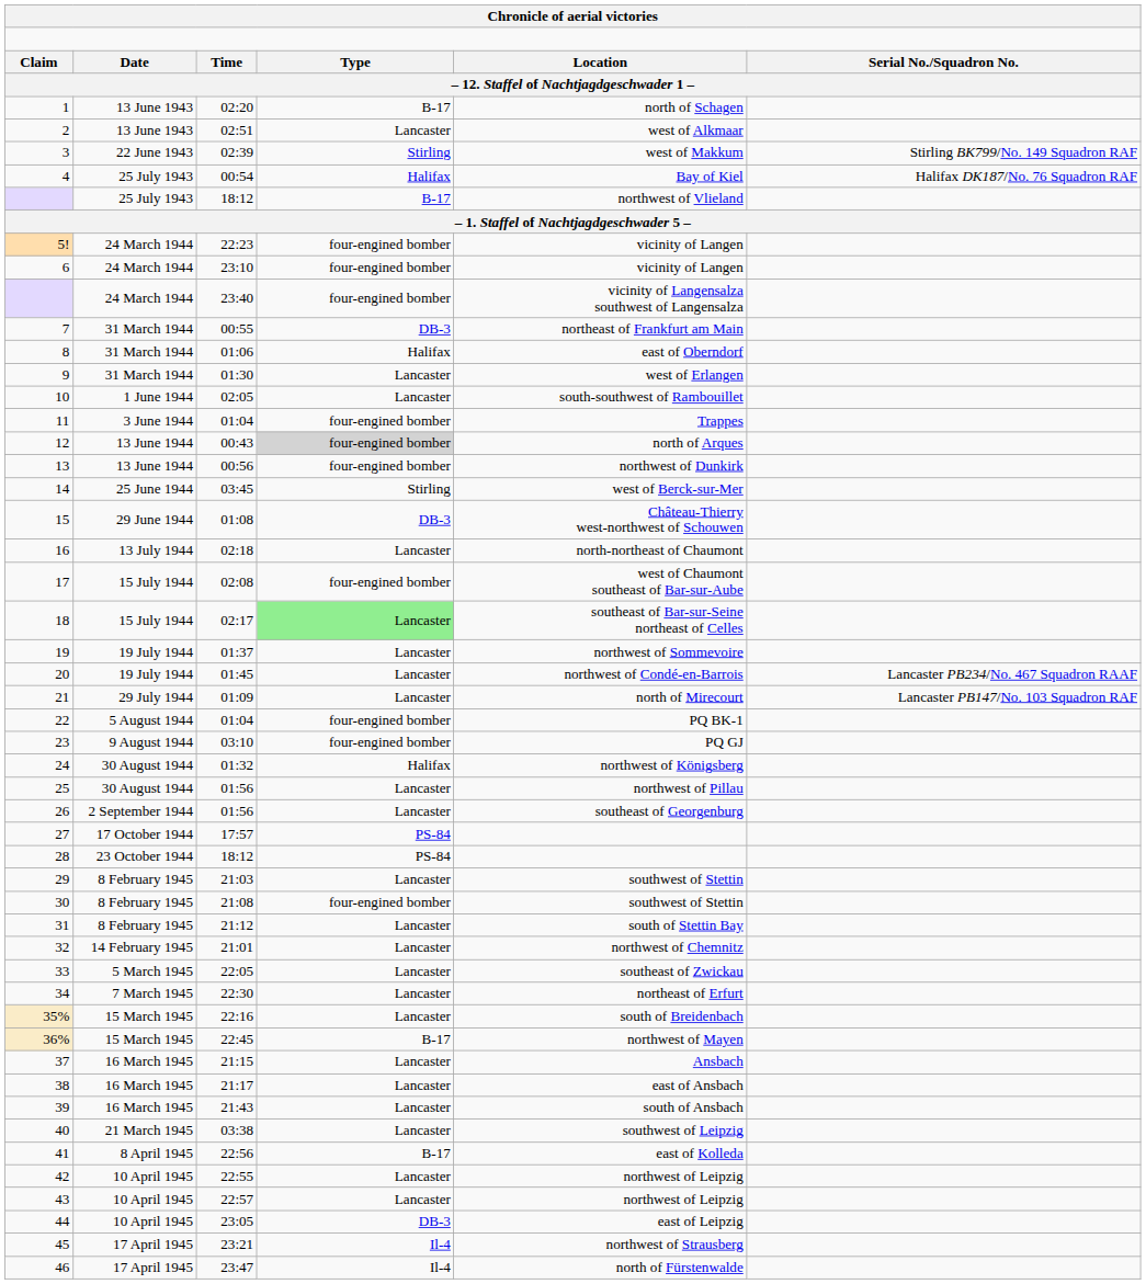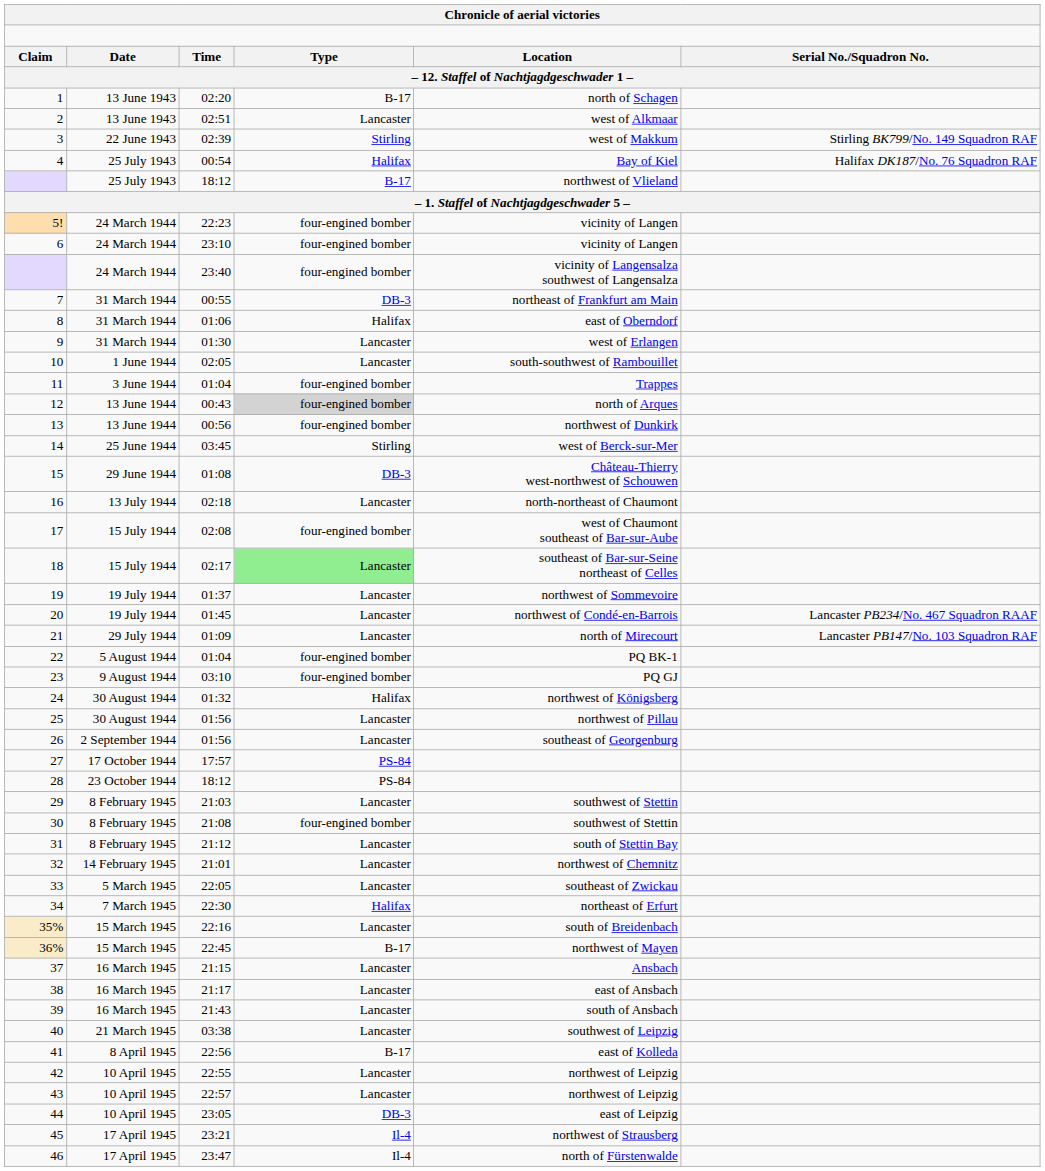 <table class="wikitable plainrowheaders collapsible" style="margin-left: auto; margin-right: auto; border: none; text-align:right; width: 100%;">
 <tr>
 <th colspan="6">Chronicle of aerial victories</th>
 </tr>
 <tr>
 <td colspan="6" style="text-align: left;"><br>  </td>
 </tr>
 <tr>
 <th scope="col">Claim</th>
 <th scope="col" style="width:130px">Date</th>
 <th scope="col">Time</th>
 <th scope="col">Type</th>
 <th scope="col">Location</th>
 <th scope="col">Serial No./Squadron No.</th>
 </tr>
 <tr>
 <th colspan="6">– 12. <em>Staffel</em> of <em>Nachtjagdgeschwader</em> 1 –</th>
 </tr>
 <tr>
 <td>1</td>
 <td>13 June 1943</td>
 <td>02:20</td>
 <td>B-17</td>
 <td>north of <a href='#'>Schagen</a></td>
 <td></td>
 </tr>
 <tr>
 <td>2</td>
 <td>13 June 1943</td>
 <td>02:51</td>
 <td>Lancaster</td>
 <td> west of <a href='#'>Alkmaar</a></td>
 <td></td>
 </tr>
 <tr>
 <td>3</td>
 <td>22 June 1943</td>
 <td>02:39</td>
 <td><a href='#'>Stirling</a></td>
 <td> west of <a href='#'>Makkum</a></td>
 <td>Stirling <em>BK799</em>/<a href='#'>No. 149 Squadron RAF</a></td>
 </tr>
 <tr>
 <td>4</td>
 <td>25 July 1943</td>
 <td>00:54</td>
 <td><a href='#'>Halifax</a></td>
 <td><a href='#'>Bay of Kiel</a></td>
 <td>Halifax <em>DK187</em>/<a href='#'>No. 76 Squadron RAF</a></td>
 </tr>
 <tr>
 <td style="background:#e3d9ff;"></td>
 <td>25 July 1943</td>
 <td>18:12</td>
 <td><a href='#'>B-17</a></td>
 <td> northwest of <a href='#'>Vlieland</a></td>
 <td></td>
 </tr>
 <tr>
 <th colspan="6">– 1. <em>Staffel</em> of <em>Nachtjagdgeschwader</em> 5 –</th>
 </tr>
 <tr>
 <td style="background:#ffdead">5!</td>
 <td>24 March 1944</td>
 <td>22:23</td>
 <td>four-engined bomber</td>
 <td>vicinity of Langen</td>
 <td></td>
 </tr>
 <tr>
 <td>6</td>
 <td>24 March 1944</td>
 <td>23:10</td>
 <td>four-engined bomber</td>
 <td>vicinity of Langen</td>
 <td></td>
 </tr>
 <tr>
 <td style="background:#e3d9ff;"></td>
 <td>24 March 1944</td>
 <td>23:40</td>
 <td>four-engined bomber</td>
 <td>vicinity of <a href='#'>Langensalza</a><br> southwest of Langensalza</td>
 <td></td>
 </tr>
 <tr>
 <td>7</td>
 <td>31 March 1944</td>
 <td>00:55</td>
 <td><a href='#'>DB-3</a></td>
 <td>northeast of <a href='#'>Frankfurt am Main</a></td>
 <td></td>
 </tr>
 <tr>
 <td>8</td>
 <td>31 March 1944</td>
 <td>01:06</td>
 <td>Halifax</td>
 <td> east of <a href='#'>Oberndorf</a></td>
 <td></td>
 </tr>
 <tr>
 <td>9</td>
 <td>31 March 1944</td>
 <td>01:30</td>
 <td>Lancaster</td>
 <td>west of <a href='#'>Erlangen</a></td>
 <td></td>
 </tr>
 <tr>
 <td>10</td>
 <td>1 June 1944</td>
 <td>02:05</td>
 <td>Lancaster</td>
 <td> south-southwest of <a href='#'>Rambouillet</a></td>
 <td></td>
 </tr>
 <tr>
 <td>11</td>
 <td>3 June 1944</td>
 <td>01:04</td>
 <td>four-engined bomber</td>
 <td><a href='#'>Trappes</a></td>
 <td></td>
 </tr>
 <tr>
 <td>12</td>
 <td>13 June 1944</td>
 <td>00:43</td>
 <td style="background: lightgrey;">four-engined bomber</td>
 <td> north of <a href='#'>Arques</a></td>
 <td></td>
 </tr>
 <tr>
 <td>13</td>
 <td>13 June 1944</td>
 <td>00:56</td>
 <td>four-engined bomber</td>
 <td>northwest of <a href='#'>Dunkirk</a></td>
 <td></td>
 </tr>
 <tr>
 <td>14</td>
 <td>25 June 1944</td>
 <td>03:45</td>
 <td>Stirling</td>
 <td> west of <a href='#'>Berck-sur-Mer</a></td>
 <td></td>
 </tr>
 <tr>
 <td>15</td>
 <td>29 June 1944</td>
 <td>01:08</td>
 <td><a href='#'>DB-3</a></td>
 <td><a href='#'>Château-Thierry</a><br> west-northwest of <a href='#'>Schouwen</a></td>
 <td></td>
 </tr>
 <tr>
 <td>16</td>
 <td>13 July 1944</td>
 <td>02:18</td>
 <td>Lancaster</td>
 <td>north-northeast of Chaumont</td>
 <td></td>
 </tr>
 <tr>
 <td>17</td>
 <td>15 July 1944</td>
 <td>02:08</td>
 <td>four-engined bomber</td>
 <td>west of Chaumont<br> southeast of <a href='#'>Bar-sur-Aube</a></td>
 <td></td>
 </tr>
 <tr>
 <td>18</td>
 <td>15 July 1944</td>
 <td>02:17</td>
 <td style="background: lightgreen;">Lancaster</td>
 <td> southeast of <a href='#'>Bar-sur-Seine</a><br> northeast of <a href='#'>Celles</a></td>
 <td></td>
 </tr>
 <tr>
 <td>19</td>
 <td>19 July 1944</td>
 <td>01:37</td>
 <td>Lancaster</td>
 <td> northwest of <a href='#'>Sommevoire</a></td>
 <td></td>
 </tr>
 <tr>
 <td>20</td>
 <td>19 July 1944</td>
 <td>01:45</td>
 <td>Lancaster</td>
 <td> northwest of <a href='#'>Condé-en-Barrois</a></td>
 <td>Lancaster <em>PB234</em>/<a href='#'>No. 467 Squadron RAAF</a></td>
 </tr>
 <tr>
 <td>21</td>
 <td>29 July 1944</td>
 <td>01:09</td>
 <td>Lancaster</td>
 <td> north of <a href='#'>Mirecourt</a></td>
 <td>Lancaster <em>PB147</em>/<a href='#'>No. 103 Squadron RAF</a></td>
 </tr>
 <tr>
 <td>22</td>
 <td>5 August 1944</td>
 <td>01:04</td>
 <td>four-engined bomber</td>
 <td>PQ BK-1</td>
 <td></td>
 </tr>
 <tr>
 <td>23</td>
 <td>9 August 1944</td>
 <td>03:10</td>
 <td>four-engined bomber</td>
 <td>PQ GJ</td>
 <td></td>
 </tr>
 <tr>
 <td>24</td>
 <td>30 August 1944</td>
 <td>01:32</td>
 <td>Halifax</td>
 <td> northwest of <a href='#'>Königsberg</a></td>
 <td></td>
 </tr>
 <tr>
 <td>25</td>
 <td>30 August 1944</td>
 <td>01:56</td>
 <td>Lancaster</td>
 <td> northwest of <a href='#'>Pillau</a></td>
 <td></td>
 </tr>
 <tr>
 <td>26</td>
 <td>2 September 1944</td>
 <td>01:56</td>
 <td>Lancaster</td>
 <td> southeast of <a href='#'>Georgenburg</a></td>
 <td></td>
 </tr>
 <tr>
 <td>27</td>
 <td>17 October 1944</td>
 <td>17:57</td>
 <td><a href='#'>PS-84</a></td>
 <td></td>
 <td></td>
 </tr>
 <tr>
 <td>28</td>
 <td>23 October 1944</td>
 <td>18:12</td>
 <td>PS-84</td>
 <td></td>
 <td></td>
 </tr>
 <tr>
 <td>29</td>
 <td>8 February 1945</td>
 <td>21:03</td>
 <td>Lancaster</td>
 <td>southwest of <a href='#'>Stettin</a></td>
 <td></td>
 </tr>
 <tr>
 <td>30</td>
 <td>8 February 1945</td>
 <td>21:08</td>
 <td>four-engined bomber</td>
 <td>southwest of Stettin</td>
 <td></td>
 </tr>
 <tr>
 <td>31</td>
 <td>8 February 1945</td>
 <td>21:12</td>
 <td>Lancaster</td>
 <td>south of <a href='#'>Stettin Bay</a></td>
 <td></td>
 </tr>
 <tr>
 <td>32</td>
 <td>14 February 1945</td>
 <td>21:01</td>
 <td>Lancaster</td>
 <td>northwest of <a href='#'>Chemnitz</a></td>
 <td></td>
 </tr>
 <tr>
 <td>33</td>
 <td>5 March 1945</td>
 <td>22:05</td>
 <td>Lancaster</td>
 <td>southeast of <a href='#'>Zwickau</a></td>
 <td></td>
 </tr>
 <tr>
 <td>34</td>
 <td>7 March 1945</td>
 <td>22:30</td>
-<td>Lancaster</td>
+<td><a href='#'>Halifax</a></td>
 <td>northeast of <a href='#'>Erfurt</a></td>
 <td></td>
 </tr>
 <tr>
 <td style="background:#faecc8">35%</td>
 <td>15 March 1945</td>
 <td>22:16</td>
 <td>Lancaster</td>
 <td> south of <a href='#'>Breidenbach</a></td>
 <td></td>
 </tr>
 <tr>
 <td style="background:#faecc8">36%</td>
 <td>15 March 1945</td>
 <td>22:45</td>
 <td>B-17</td>
 <td> northwest of <a href='#'>Mayen</a></td>
 <td></td>
 </tr>
 <tr>
 <td>37</td>
 <td>16 March 1945</td>
 <td>21:15</td>
 <td>Lancaster</td>
 <td><a href='#'>Ansbach</a></td>
 <td></td>
 </tr>
 <tr>
 <td>38</td>
 <td>16 March 1945</td>
 <td>21:17</td>
 <td>Lancaster</td>
 <td>east of Ansbach</td>
 <td></td>
 </tr>
 <tr>
 <td>39</td>
 <td>16 March 1945</td>
 <td>21:43</td>
 <td>Lancaster</td>
 <td> south  of Ansbach</td>
 <td></td>
 </tr>
 <tr>
 <td>40</td>
 <td>21 March 1945</td>
 <td>03:38</td>
 <td>Lancaster</td>
 <td> southwest  of <a href='#'>Leipzig</a></td>
 <td></td>
 </tr>
 <tr>
 <td>41</td>
 <td>8 April 1945</td>
 <td>22:56</td>
 <td>B-17</td>
 <td> east of <a href='#'>Kolleda</a></td>
 <td></td>
 </tr>
 <tr>
 <td>42</td>
 <td>10 April 1945</td>
 <td>22:55</td>
 <td>Lancaster</td>
 <td>northwest of Leipzig</td>
 <td></td>
 </tr>
 <tr>
 <td>43</td>
 <td>10 April 1945</td>
 <td>22:57</td>
 <td>Lancaster</td>
 <td>northwest of Leipzig</td>
 <td></td>
 </tr>
 <tr>
 <td>44</td>
 <td>10 April 1945</td>
 <td>23:05</td>
 <td><a href='#'>DB-3</a></td>
 <td>east of Leipzig</td>
 <td></td>
 </tr>
 <tr>
 <td>45</td>
 <td>17 April 1945</td>
 <td>23:21</td>
 <td><a href='#'>Il-4</a></td>
 <td>northwest of <a href='#'>Strausberg</a></td>
 <td></td>
 </tr>
 <tr>
 <td>46</td>
 <td>17 April 1945</td>
 <td>23:47</td>
 <td>Il-4</td>
 <td>north of <a href='#'>Fürstenwalde</a></td>
 <td></td>
 </tr>
 </table>
